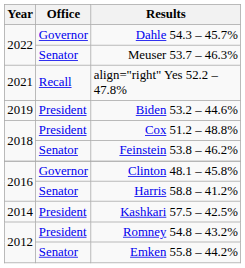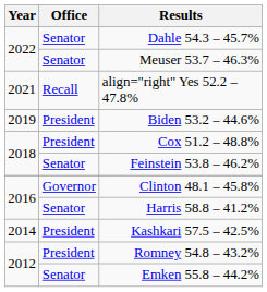 <table class=wikitable>
 <tr>
 <th width="30">Year</th>
 <th width="60">Office</th>
 <th width="180">Results</th>
 </tr>
 <tr>
 <td rowspan="2">2022</td>
-<td><a href='#'>Governor</a></td>
+<td><a href='#'>Senator</a></td>
 <td align="right" ><a href='#'>Dahle</a> 54.3 – 45.7%</td>
 </tr>
 <tr>
 <td><a href='#'>Senator</a></td>
 <td align="right" >Meuser 53.7 – 46.3%</td>
 </tr>
 <tr>
 <td>2021</td>
 <td><a href='#'>Recall</a></td>
 <td>align="right"  Yes 52.2 – 47.8%</td>
 </tr>
 <tr>
 <td rowspan="1">2019</td>
 <td><a href='#'>President</a></td>
 <td align="right" ><a href='#'>Biden</a> 53.2 – 44.6%</td>
 </tr>
 <tr>
 <td rowspan="2">2018</td>
 <td><a href='#'>President</a></td>
 <td align="right" ><a href='#'>Cox</a> 51.2 – 48.8%</td>
 </tr>
 <tr>
 <td><a href='#'>Senator</a></td>
 <td align="right" ><a href='#'>Feinstein</a> 53.8 – 46.2%</td>
 </tr>
 <tr>
 </tr>
 <tr>
 <td rowspan="2">2016</td>
 <td><a href='#'>Governor</a></td>
 <td align="right" ><a href='#'>Clinton</a> 48.1 – 45.8%</td>
 </tr>
 <tr>
 <td><a href='#'>Senator</a></td>
 <td align="right" ><a href='#'>Harris</a> 58.8 – 41.2%</td>
 </tr>
 <tr>
 <td>2014</td>
 <td><a href='#'>President</a></td>
 <td align="right" ><a href='#'>Kashkari</a> 57.5 – 42.5%</td>
 </tr>
 <tr>
 <td rowspan="2">2012</td>
 <td><a href='#'>President</a></td>
 <td align="right" ><a href='#'>Romney</a> 54.8 – 43.2%</td>
 </tr>
 <tr>
 <td><a href='#'>Senator</a></td>
 <td align="right" ><a href='#'>Emken</a> 55.8 – 44.2%</td>
 </tr>
 </table>
